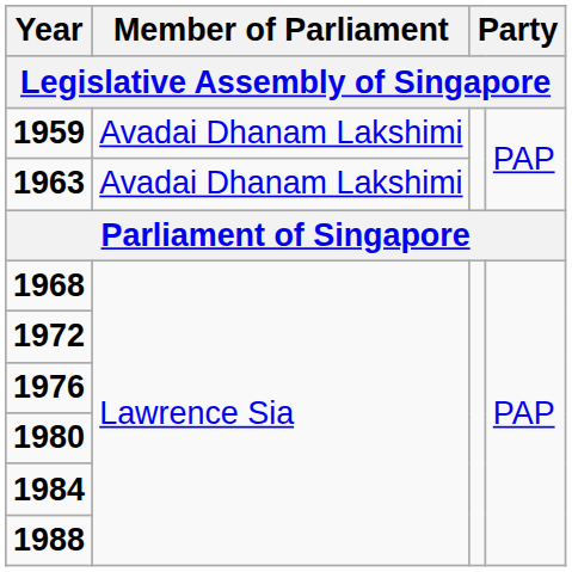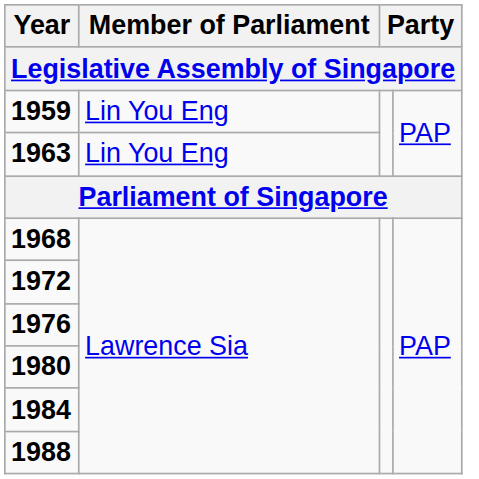 <table class="wikitable">
 <tr>
 <th>Year</th>
 <th>Member of Parliament</th>
 <th colspan="2">Party</th>
 </tr>
 <tr>
 <th colspan="4"><a href='#'>Legislative Assembly of Singapore</a></th>
 </tr>
 <tr>
 <td><strong>1959</strong></td>
-<td><a href='#'>Avadai Dhanam Lakshimi</a></td>
+<td><a href='#'>Lin You Eng</a></td>
 <td rowspan="2"></td>
 <td rowspan="2"><a href='#'>PAP</a></td>
 </tr>
 <tr>
 <td><strong>1963</strong></td>
-<td><a href='#'>Avadai Dhanam Lakshimi</a></td>
+<td><a href='#'>Lin You Eng</a></td>
 </tr>
 <tr>
 <th colspan="4"><a href='#'>Parliament of Singapore</a></th>
 </tr>
 <tr>
 <td><strong>1968</strong></td>
 <td rowspan="6"><a href='#'>Lawrence Sia</a></td>
 <td rowspan="6"></td>
 <td rowspan="6"><a href='#'>PAP</a></td>
 </tr>
 <tr>
 <td><strong>1972</strong></td>
 </tr>
 <tr>
 <td><strong>1976</strong></td>
 </tr>
 <tr>
 <td><strong>1980</strong></td>
 </tr>
 <tr>
 <td><strong>1984</strong></td>
 </tr>
 <tr>
 <td><strong>1988</strong></td>
 </tr>
 </table>
